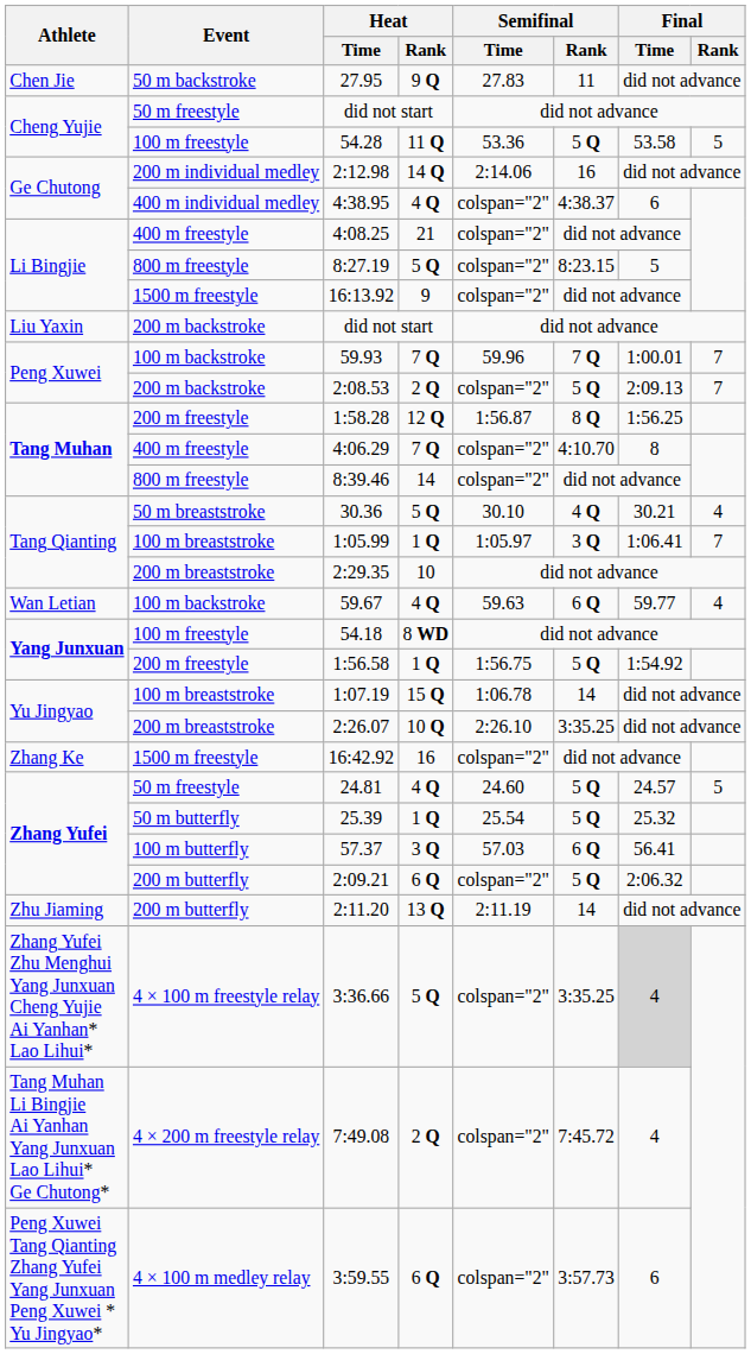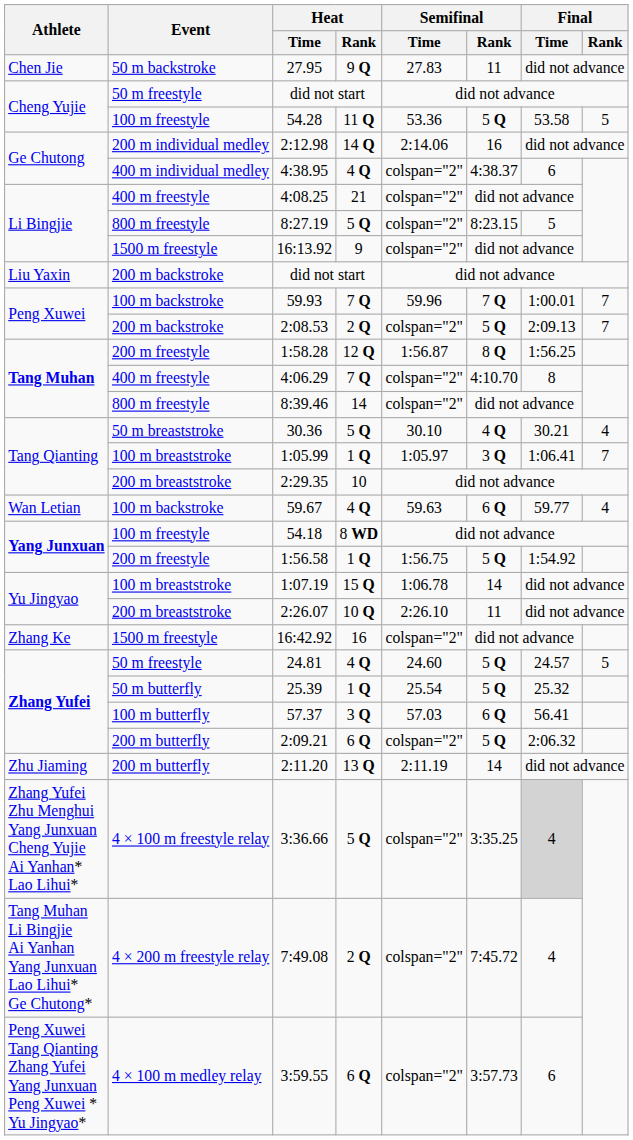 <table class="wikitable" style="text-align:center; font-size:90%">
 <tr>
 <th rowspan="2">Athlete</th>
 <th rowspan="2">Event</th>
 <th colspan="2">Heat</th>
 <th colspan="2">Semifinal</th>
 <th colspan="2">Final</th>
 </tr>
 <tr style="font-size:95%">
 <th>Time</th>
 <th>Rank</th>
 <th>Time</th>
 <th>Rank</th>
 <th>Time</th>
 <th>Rank</th>
 </tr>
 <tr>
 <td align=left><a href='#'>Chen Jie</a></td>
 <td align=left><a href='#'>50 m backstroke</a></td>
 <td>27.95</td>
 <td>9 <strong>Q</strong></td>
 <td>27.83</td>
 <td>11</td>
 <td colspan="2">did not advance</td>
 </tr>
 <tr>
 <td align=left rowspan=2><a href='#'>Cheng Yujie</a></td>
 <td align=left><a href='#'>50 m freestyle</a></td>
 <td colspan="2">did not start</td>
 <td colspan="4">did not advance</td>
 </tr>
 <tr>
 <td align=left><a href='#'>100 m freestyle</a></td>
 <td>54.28</td>
 <td>11 <strong>Q</strong></td>
 <td>53.36</td>
 <td>5 <strong>Q</strong></td>
 <td>53.58</td>
 <td>5</td>
 </tr>
 <tr>
 <td align=left rowspan=2><a href='#'>Ge Chutong</a></td>
 <td align=left><a href='#'>200 m individual medley</a></td>
 <td>2:12.98</td>
 <td>14 <strong>Q</strong></td>
 <td>2:14.06</td>
 <td>16</td>
 <td colspan="2">did not advance</td>
 </tr>
 <tr>
 <td align=left><a href='#'>400 m individual medley</a></td>
 <td>4:38.95</td>
 <td>4 <strong>Q</strong></td>
 <td>colspan="2" </td>
 <td>4:38.37</td>
 <td>6</td>
 </tr>
 <tr>
 <td align=left rowspan=3><a href='#'>Li Bingjie</a></td>
 <td align=left><a href='#'>400 m freestyle</a></td>
 <td>4:08.25</td>
 <td>21</td>
 <td>colspan="2" </td>
 <td colspan="2">did not advance</td>
 </tr>
 <tr>
 <td align=left><a href='#'>800 m freestyle</a></td>
 <td>8:27.19</td>
 <td>5 <strong>Q</strong></td>
 <td>colspan="2" </td>
 <td>8:23.15</td>
 <td>5</td>
 </tr>
 <tr>
 <td align=left><a href='#'>1500 m freestyle</a></td>
 <td>16:13.92</td>
 <td>9</td>
 <td>colspan="2" </td>
 <td colspan="2">did not advance</td>
 </tr>
 <tr>
 <td align=left><a href='#'>Liu Yaxin</a></td>
 <td align=left><a href='#'>200 m backstroke</a></td>
 <td colspan="2">did not start</td>
 <td colspan="4">did not advance</td>
 </tr>
 <tr>
 <td align=left rowspan=2><a href='#'>Peng Xuwei</a></td>
 <td align=left><a href='#'>100 m backstroke</a></td>
 <td>59.93</td>
 <td>7 <strong>Q</strong></td>
 <td>59.96</td>
 <td>7 <strong>Q</strong></td>
 <td>1:00.01</td>
 <td>7</td>
 </tr>
 <tr>
 <td align=left><a href='#'>200 m backstroke</a></td>
 <td>2:08.53</td>
 <td>2 <strong>Q</strong></td>
 <td>colspan="2" </td>
 <td>5 <strong>Q</strong></td>
 <td>2:09.13</td>
 <td>7</td>
 </tr>
 <tr>
 <td align=left rowspan=3><strong><a href='#'>Tang Muhan</a></strong></td>
 <td align=left><a href='#'>200 m freestyle</a></td>
 <td>1:58.28</td>
 <td>12 <strong>Q</strong></td>
 <td>1:56.87</td>
 <td>8 <strong>Q</strong></td>
 <td>1:56.25</td>
 <td></td>
 </tr>
 <tr>
 <td align=left><a href='#'>400 m freestyle</a></td>
 <td>4:06.29</td>
 <td>7 <strong>Q</strong></td>
 <td>colspan="2" </td>
 <td>4:10.70</td>
 <td>8</td>
 </tr>
 <tr>
 <td align=left><a href='#'>800 m freestyle</a></td>
 <td>8:39.46</td>
 <td>14</td>
 <td>colspan="2" </td>
 <td colspan="2">did not advance</td>
 </tr>
 <tr>
 <td align=left rowspan=3><a href='#'>Tang Qianting</a></td>
 <td align=left><a href='#'>50 m breaststroke</a></td>
 <td>30.36</td>
 <td>5 <strong>Q</strong></td>
 <td>30.10</td>
 <td>4 <strong>Q</strong></td>
 <td>30.21</td>
 <td>4</td>
 </tr>
 <tr>
 <td align=left><a href='#'>100 m breaststroke</a></td>
 <td>1:05.99</td>
 <td>1 <strong>Q</strong></td>
 <td>1:05.97</td>
 <td>3 <strong>Q</strong></td>
 <td>1:06.41</td>
 <td>7</td>
 </tr>
 <tr>
 <td align=left><a href='#'>200 m breaststroke</a></td>
 <td>2:29.35</td>
 <td>10</td>
 <td colspan="4">did not advance</td>
 </tr>
 <tr>
 <td align=left><a href='#'>Wan Letian</a></td>
 <td align=left><a href='#'>100 m backstroke</a></td>
 <td>59.67</td>
 <td>4 <strong>Q</strong></td>
 <td>59.63</td>
 <td>6 <strong>Q</strong></td>
 <td>59.77</td>
 <td>4</td>
 </tr>
 <tr>
 <td align=left rowspan=2><strong><a href='#'>Yang Junxuan</a></strong></td>
 <td align=left><a href='#'>100 m freestyle</a></td>
 <td>54.18</td>
 <td>8   <strong>WD</strong></td>
 <td colspan="4">did not advance</td>
 </tr>
 <tr>
 <td align=left><a href='#'>200 m freestyle</a></td>
 <td>1:56.58</td>
 <td>1 <strong>Q</strong></td>
 <td>1:56.75</td>
 <td>5 <strong>Q</strong></td>
 <td>1:54.92</td>
 <td></td>
 </tr>
 <tr>
 <td align=left rowspan=2><a href='#'>Yu Jingyao</a></td>
 <td align=left><a href='#'>100 m breaststroke</a></td>
 <td>1:07.19</td>
 <td>15 <strong>Q</strong></td>
 <td>1:06.78</td>
 <td>14</td>
 <td colspan="2">did not advance</td>
 </tr>
 <tr>
 <td align=left><a href='#'>200 m breaststroke</a></td>
 <td>2:26.07</td>
 <td>10 <strong>Q</strong></td>
 <td>2:26.10</td>
-<td>3:35.25</td>
+<td>11</td>
 <td colspan="2">did not advance</td>
 </tr>
 <tr>
 <td align=left><a href='#'>Zhang Ke</a></td>
 <td align=left><a href='#'>1500 m freestyle</a></td>
 <td>16:42.92</td>
 <td>16</td>
 <td>colspan="2" </td>
 <td colspan="2">did not advance</td>
 </tr>
 <tr>
 <td align=left rowspan=4><strong><a href='#'>Zhang Yufei</a></strong></td>
 <td align=left><a href='#'>50 m freestyle</a></td>
 <td>24.81</td>
 <td>4 <strong>Q</strong></td>
 <td>24.60</td>
 <td>5 <strong>Q</strong></td>
 <td>24.57</td>
 <td>5</td>
 </tr>
 <tr>
 <td align=left><a href='#'>50 m butterfly</a></td>
 <td>25.39</td>
 <td>1 <strong>Q</strong></td>
 <td>25.54</td>
 <td>5 <strong>Q</strong></td>
 <td>25.32</td>
 <td></td>
 </tr>
 <tr>
 <td align=left><a href='#'>100 m butterfly</a></td>
 <td>57.37</td>
 <td>3 <strong>Q</strong></td>
 <td>57.03</td>
 <td>6 <strong>Q</strong></td>
 <td>56.41</td>
 <td></td>
 </tr>
 <tr>
 <td align=left><a href='#'>200 m butterfly</a></td>
 <td>2:09.21</td>
 <td>6 <strong>Q</strong></td>
 <td>colspan="2" </td>
 <td>5 <strong>Q</strong></td>
 <td>2:06.32</td>
 <td></td>
 </tr>
 <tr>
 <td align=left><a href='#'>Zhu Jiaming</a></td>
 <td align=left><a href='#'>200 m butterfly</a></td>
 <td>2:11.20</td>
 <td>13 <strong>Q</strong></td>
 <td>2:11.19</td>
 <td>14</td>
 <td colspan="2">did not advance</td>
 </tr>
 <tr>
 <td align=left><a href='#'>Zhang Yufei</a> <br><a href='#'>Zhu Menghui</a> <br><a href='#'>Yang Junxuan</a><br><a href='#'>Cheng Yujie</a> <br><a href='#'>Ai Yanhan</a>*<br><a href='#'>Lao Lihui</a>*</td>
 <td align=left><a href='#'>4 × 100 m freestyle relay</a></td>
 <td>3:36.66</td>
 <td>5 <strong>Q</strong></td>
 <td>colspan="2" </td>
 <td>3:35.25</td>
 <td style="background: lightgrey;">4</td>
 </tr>
 <tr>
 <td align=left><a href='#'>Tang Muhan</a><br><a href='#'>Li Bingjie</a><br><a href='#'>Ai Yanhan</a><br><a href='#'>Yang Junxuan</a> <br><a href='#'>Lao Lihui</a>*<br><a href='#'>Ge Chutong</a>*</td>
 <td align=left><a href='#'>4 × 200 m freestyle relay</a></td>
 <td>7:49.08</td>
 <td>2 <strong>Q</strong></td>
 <td>colspan="2" </td>
 <td>7:45.72</td>
 <td>4</td>
 </tr>
 <tr>
 <td align=left><a href='#'>Peng Xuwei</a><br><a href='#'>Tang Qianting</a> <br><a href='#'>Zhang Yufei</a> <br><a href='#'>Yang Junxuan</a><br><a href='#'>Peng Xuwei</a> *<br><a href='#'>Yu Jingyao</a>*</td>
 <td align=left><a href='#'>4 × 100 m medley relay</a></td>
 <td>3:59.55</td>
 <td>6 <strong>Q</strong></td>
 <td>colspan="2" </td>
 <td>3:57.73</td>
 <td>6</td>
 </tr>
 </table>
